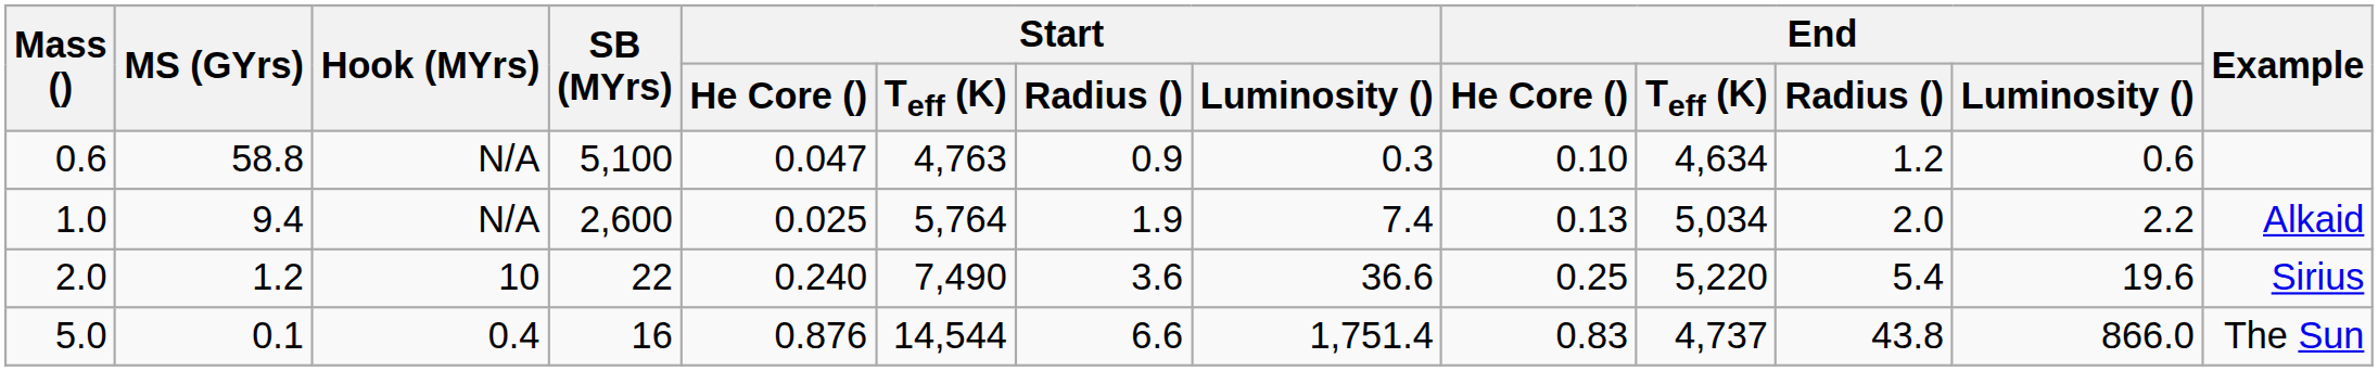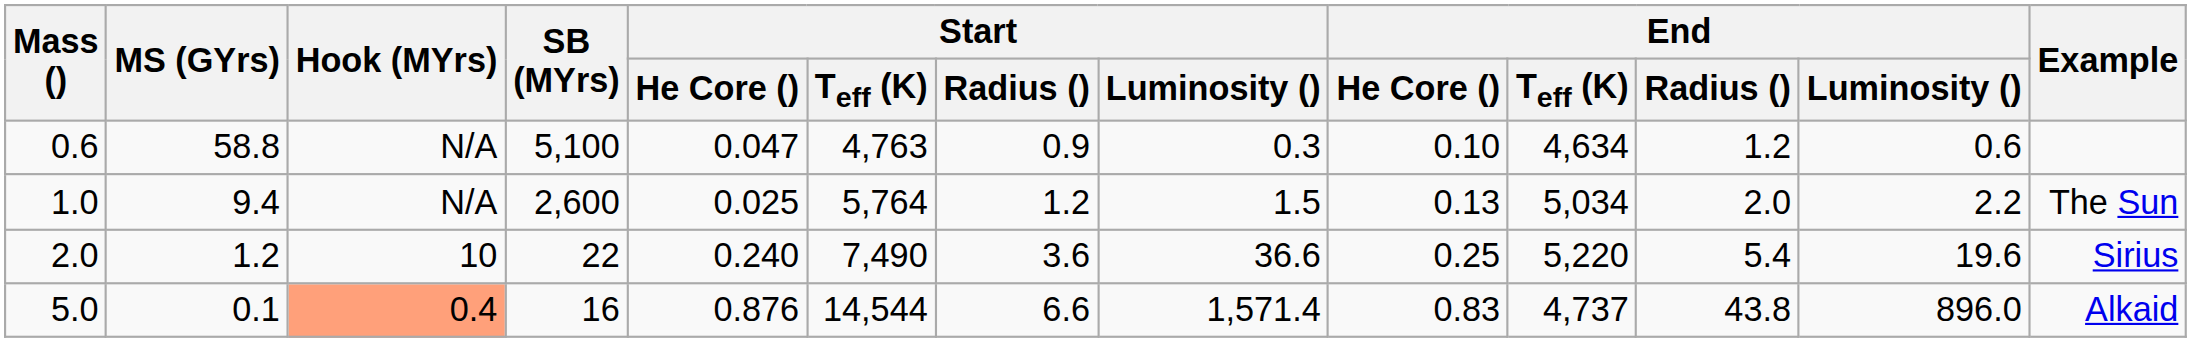 <table class="wikitable">
 <tr>
 <th rowspan=2>Mass<br>()</th>
 <th rowspan=2>MS (GYrs)</th>
 <th rowspan=2>Hook (MYrs)</th>
 <th rowspan=2>SB<br>(MYrs)</th>
 <th colspan=4>Start</th>
 <th colspan=4>End</th>
 <th rowspan=2>Example</th>
 </tr>
 <tr>
 <th>He Core ()</th>
 <th>T<sub>eff</sub> (K)</th>
 <th>Radius ()</th>
 <th>Luminosity ()</th>
 <th>He Core ()</th>
 <th>T<sub>eff</sub> (K)</th>
 <th>Radius ()</th>
 <th>Luminosity ()</th>
 </tr>
 <tr style="text-align:right;">
 <td>0.6</td>
 <td>58.8</td>
 <td>N/A</td>
 <td>5,100</td>
 <td>0.047</td>
 <td style="background-color:#">4,763</td>
 <td>0.9</td>
 <td>0.3</td>
 <td>0.10</td>
 <td>4,634</td>
 <td>1.2</td>
 <td>0.6</td>
 <td><a href='#'></a></td>
 </tr>
 <tr style="text-align:right;">
 <td>1.0</td>
 <td>9.4</td>
 <td>N/A</td>
 <td>2,600</td>
 <td>0.025</td>
 <td style="background-color:#">5,764</td>
-<td>1.9</td>
-<td>7.4</td>
+<td>1.2</td>
+<td>1.5</td>
 <td>0.13</td>
 <td>5,034</td>
 <td>2.0</td>
 <td>2.2</td>
-<td><a href='#'>Alkaid</a></td>
+<td>The <a href='#'>Sun</a></td>
 </tr>
 <tr style="text-align:right;">
 <td>2.0</td>
 <td>1.2</td>
 <td>10</td>
 <td>22</td>
 <td>0.240</td>
 <td style="background-color:#">7,490</td>
 <td>3.6</td>
 <td>36.6</td>
 <td>0.25</td>
 <td>5,220</td>
 <td>5.4</td>
 <td>19.6</td>
 <td><a href='#'>Sirius</a></td>
 </tr>
 <tr style="text-align:right;">
 <td>5.0</td>
 <td>0.1</td>
-<td>0.4</td>
+<td style="background: lightsalmon;">0.4</td>
 <td>16</td>
 <td>0.876</td>
 <td style="background-color:#">14,544</td>
 <td>6.6</td>
-<td>1,751.4</td>
+<td>1,571.4</td>
 <td>0.83</td>
 <td>4,737</td>
 <td>43.8</td>
-<td>866.0</td>
-<td>The <a href='#'>Sun</a></td>
+<td>896.0</td>
+<td><a href='#'>Alkaid</a></td>
 </tr>
 </table>
